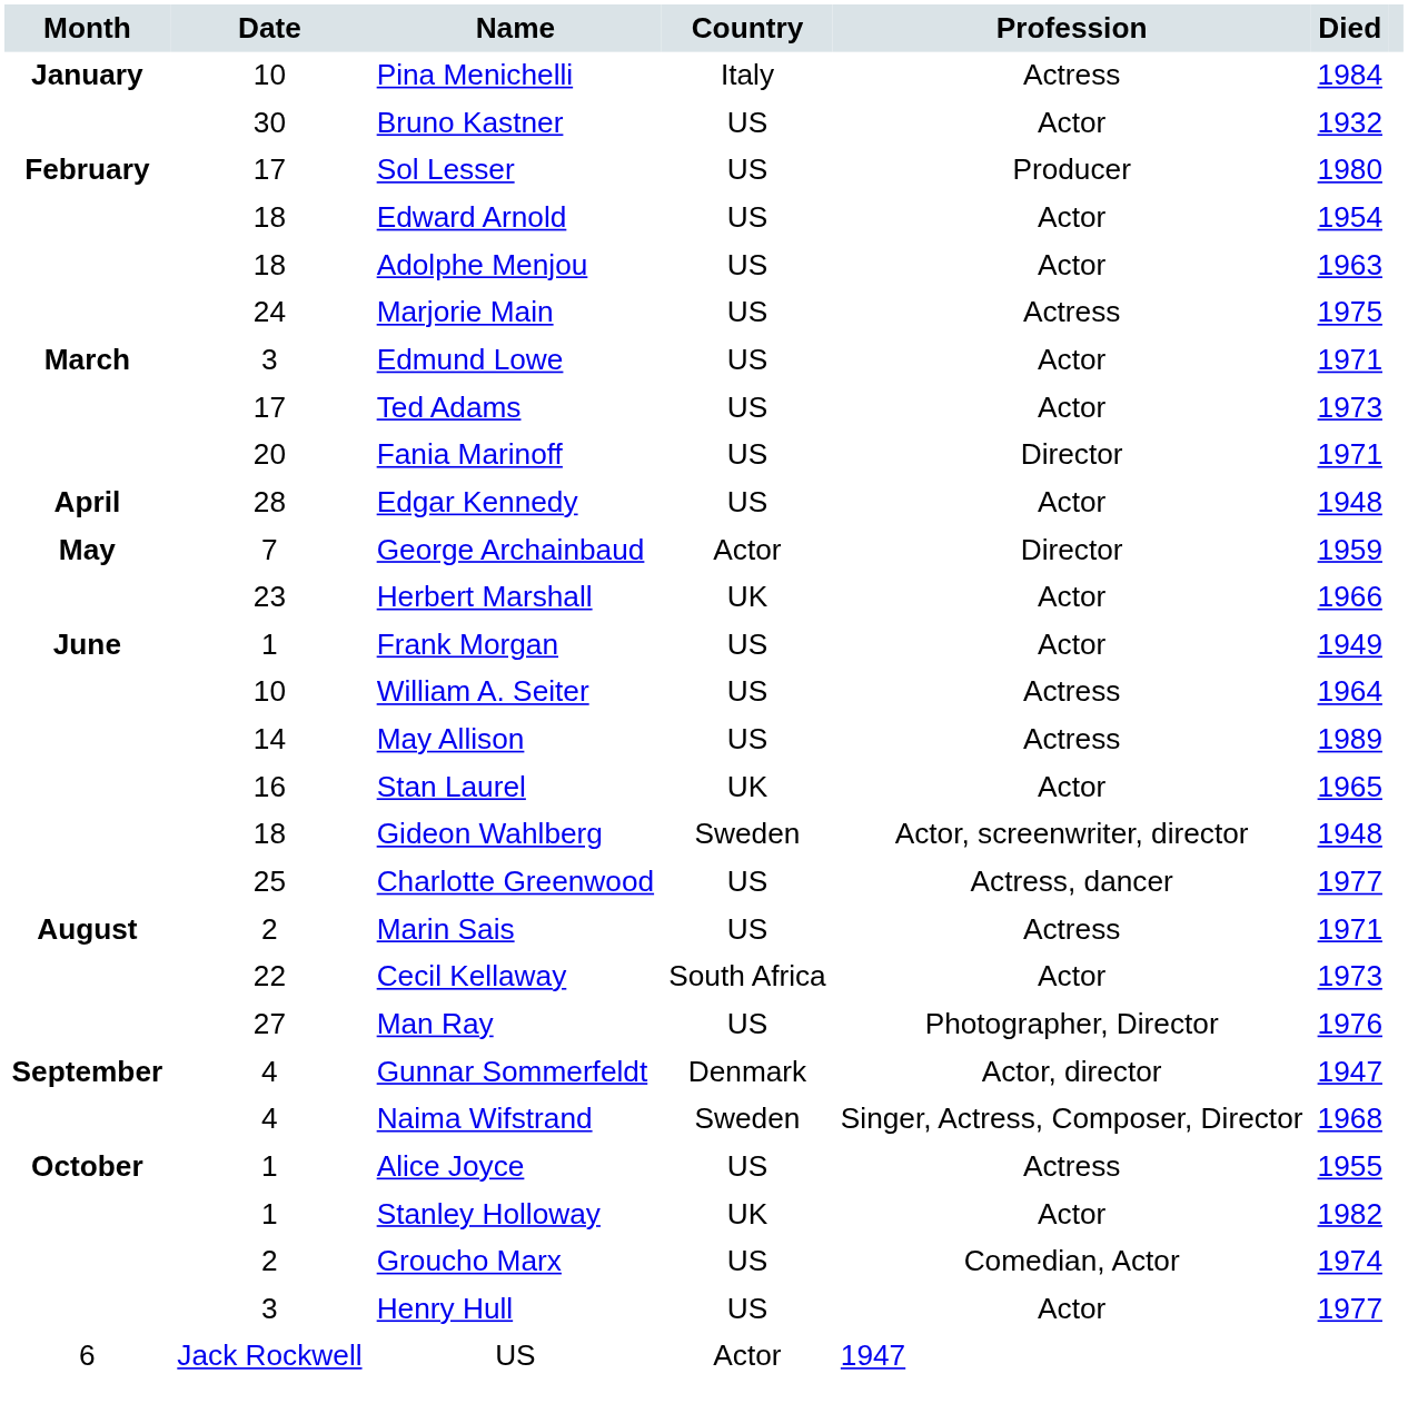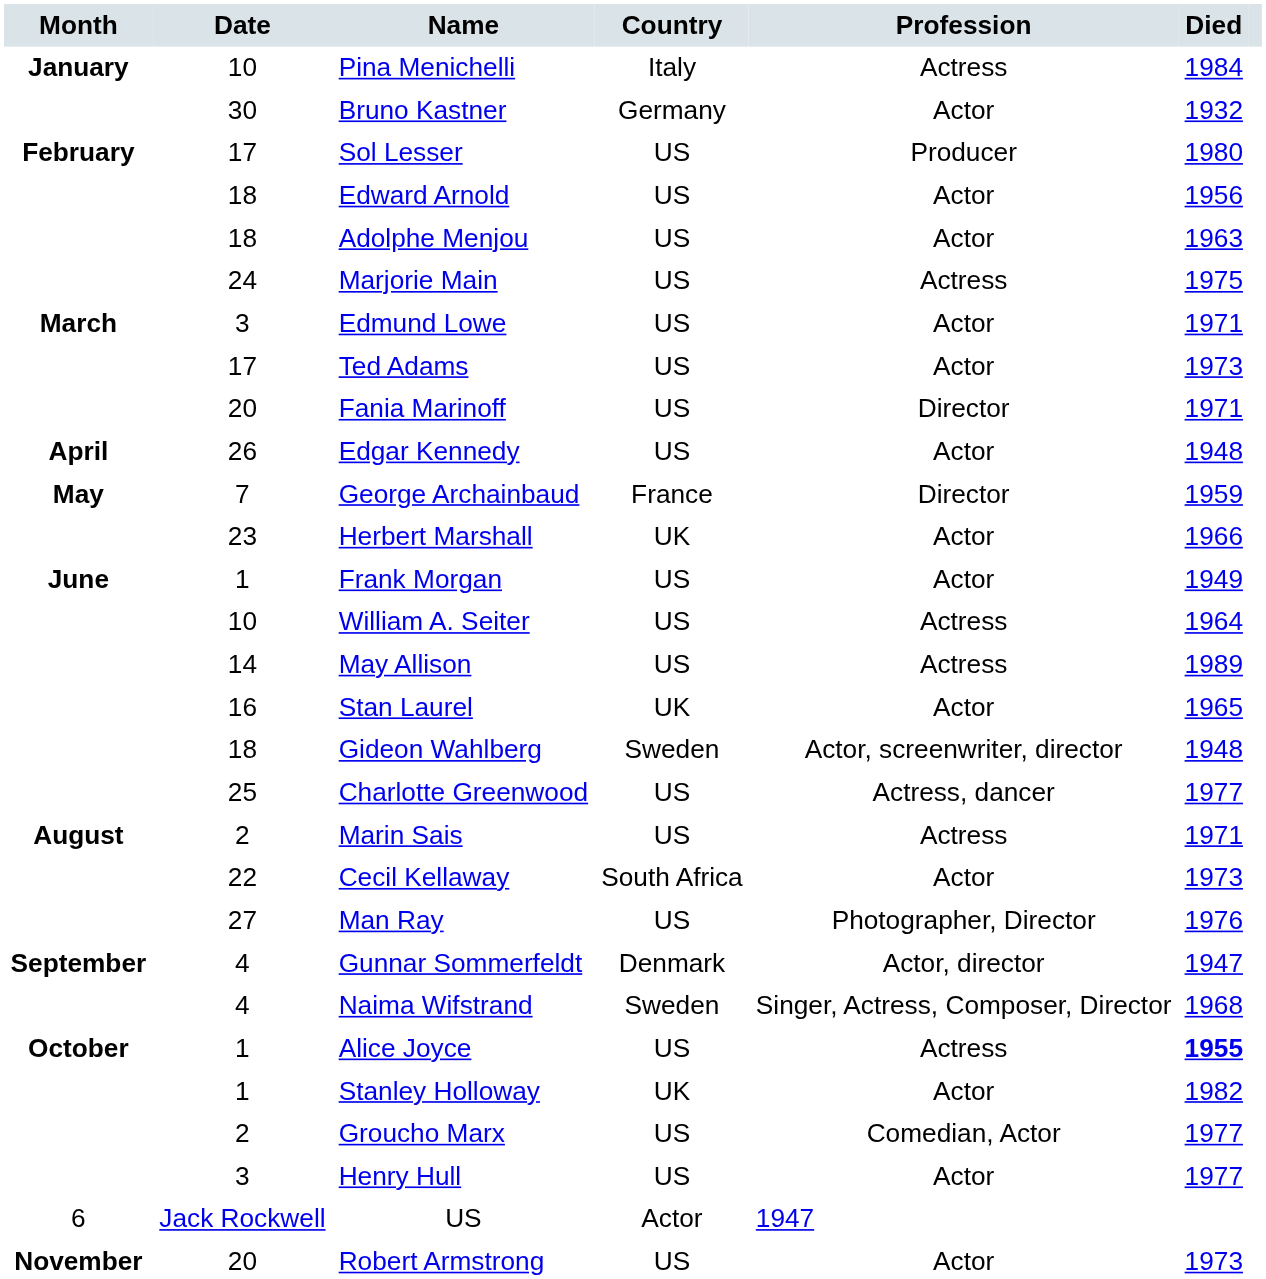 <table cellspacing="0" cellpadding="4" border="0">
 <tr style="background:#dae3e7; text-align:center;">
 <td><strong>Month</strong></td>
 <td><strong>Date</strong></td>
 <td><strong>Name</strong></td>
 <td><strong>Country</strong></td>
 <td><strong>Profession</strong></td>
 <td><strong>Died</strong></td>
 <td></td>
 </tr>
 <tr valign="top">
 <td rowspan=2 style="text-align:center; vertical-align:top;"><strong>January</strong></td>
 <td style="text-align:center;">10</td>
 <td><a href='#'>Pina Menichelli</a></td>
 <td style="text-align:center;">Italy</td>
 <td style="text-align:center;">Actress</td>
 <td><a href='#'>1984</a></td>
 <td></td>
 </tr>
 <tr>
 <td style="text-align:center;">30</td>
 <td><a href='#'>Bruno Kastner</a></td>
-<td style="text-align:center;">US</td>
+<td style="text-align:center;">Germany</td>
 <td style="text-align:center;">Actor</td>
 <td><a href='#'>1932</a></td>
 <td></td>
 </tr>
 <tr>
 <td rowspan=4 style="text-align:center; vertical-align:top;"><strong>February</strong></td>
 <td style="text-align:center;">17</td>
 <td><a href='#'>Sol Lesser</a></td>
 <td style="text-align:center;">US</td>
 <td style="text-align:center;">Producer</td>
 <td><a href='#'>1980</a></td>
 <td></td>
 </tr>
 <tr>
 <td style="text-align:center;">18</td>
 <td><a href='#'>Edward Arnold</a></td>
 <td style="text-align:center;">US</td>
 <td style="text-align:center;">Actor</td>
-<td><a href='#'>1954</a></td>
+<td><a href='#'>1956</a></td>
 <td></td>
 </tr>
 <tr>
 <td style="text-align:center;">18</td>
 <td><a href='#'>Adolphe Menjou</a></td>
 <td style="text-align:center;">US</td>
 <td style="text-align:center;">Actor</td>
 <td><a href='#'>1963</a></td>
 <td></td>
 </tr>
 <tr>
 <td style="text-align:center;">24</td>
 <td><a href='#'>Marjorie Main</a></td>
 <td style="text-align:center;">US</td>
 <td style="text-align:center;">Actress</td>
 <td><a href='#'>1975</a></td>
 <td></td>
 </tr>
 <tr>
 <td rowspan=3 style="text-align:center; vertical-align:top;"><strong>March</strong></td>
 <td style="text-align:center;">3</td>
 <td><a href='#'>Edmund Lowe</a></td>
 <td style="text-align:center;">US</td>
 <td style="text-align:center;">Actor</td>
 <td><a href='#'>1971</a></td>
 <td></td>
 </tr>
 <tr>
 <td style="text-align:center;">17</td>
 <td><a href='#'>Ted Adams</a></td>
 <td style="text-align:center;">US</td>
 <td style="text-align:center;">Actor</td>
 <td><a href='#'>1973</a></td>
 <td></td>
 </tr>
 <tr>
 <td style="text-align:center;">20</td>
 <td><a href='#'>Fania Marinoff</a></td>
 <td style="text-align:center;">US</td>
 <td style="text-align:center;">Director</td>
 <td><a href='#'>1971</a></td>
 </tr>
 <tr>
 <td rowspan=1 style="text-align:center; vertical-align:top;"><strong>April</strong></td>
-<td style="text-align:center;">28</td>
+<td style="text-align:center;">26</td>
 <td><a href='#'>Edgar Kennedy</a></td>
 <td style="text-align:center;">US</td>
 <td style="text-align:center;">Actor</td>
 <td><a href='#'>1948</a></td>
 <td></td>
 </tr>
 <tr>
 <td rowspan=2 style="text-align:center; vertical-align:top;"><strong>May</strong></td>
 <td style="text-align:center;">7</td>
 <td><a href='#'>George Archainbaud</a></td>
-<td style="text-align:center;">Actor</td>
+<td style="text-align:center;">France</td>
 <td style="text-align:center;">Director</td>
 <td><a href='#'>1959</a></td>
 <td></td>
 </tr>
 <tr>
 <td style="text-align:center;">23</td>
 <td><a href='#'>Herbert Marshall</a></td>
 <td style="text-align:center;">UK</td>
 <td style="text-align:center;">Actor</td>
 <td><a href='#'>1966</a></td>
 <td></td>
 </tr>
 <tr>
 <td rowspan=6 style="text-align:center; vertical-align:top;"><strong>June</strong></td>
 <td style="text-align:center;">1</td>
 <td><a href='#'>Frank Morgan</a></td>
 <td style="text-align:center;">US</td>
 <td style="text-align:center;">Actor</td>
 <td><a href='#'>1949</a></td>
 <td></td>
 </tr>
 <tr>
 <td style="text-align:center;">10</td>
 <td><a href='#'>William A. Seiter</a></td>
 <td style="text-align:center;">US</td>
 <td style="text-align:center;">Actress</td>
 <td><a href='#'>1964</a></td>
 <td></td>
 </tr>
 <tr>
 <td style="text-align:center;">14</td>
 <td><a href='#'>May Allison</a></td>
 <td style="text-align:center;">US</td>
 <td style="text-align:center;">Actress</td>
 <td><a href='#'>1989</a></td>
 <td></td>
 </tr>
 <tr>
 <td style="text-align:center;">16</td>
 <td><a href='#'>Stan Laurel</a></td>
 <td style="text-align:center;">UK</td>
 <td style="text-align:center;">Actor</td>
 <td><a href='#'>1965</a></td>
 <td></td>
 </tr>
 <tr>
 <td style="text-align:center;">18</td>
 <td><a href='#'>Gideon Wahlberg</a></td>
 <td style="text-align:center;">Sweden</td>
 <td style="text-align:center;">Actor, screenwriter, director</td>
 <td><a href='#'>1948</a></td>
 <td></td>
 </tr>
 <tr>
 <td style="text-align:center;">25</td>
 <td><a href='#'>Charlotte Greenwood</a></td>
 <td style="text-align:center;">US</td>
 <td style="text-align:center;">Actress, dancer</td>
 <td><a href='#'>1977</a></td>
 <td></td>
 </tr>
 <tr>
 <td rowspan=3 style="text-align:center; vertical-align:top;"><strong>August</strong></td>
 <td style="text-align:center;">2</td>
 <td><a href='#'>Marin Sais</a></td>
 <td style="text-align:center;">US</td>
 <td style="text-align:center;">Actress</td>
 <td><a href='#'>1971</a></td>
 <td></td>
 </tr>
 <tr>
 <td style="text-align:center;">22</td>
 <td><a href='#'>Cecil Kellaway</a></td>
 <td style="text-align:center;">South Africa</td>
 <td style="text-align:center;">Actor</td>
 <td><a href='#'>1973</a></td>
 <td></td>
 </tr>
 <tr>
 <td style="text-align:center;">27</td>
 <td><a href='#'>Man Ray</a></td>
 <td style="text-align:center;">US</td>
 <td style="text-align:center;">Photographer, Director</td>
 <td><a href='#'>1976</a></td>
 <td></td>
 </tr>
 <tr>
 <td rowspan=2 style="text-align:center; vertical-align:top;"><strong>September</strong></td>
 <td style="text-align:center;">4</td>
 <td><a href='#'>Gunnar Sommerfeldt</a></td>
 <td style="text-align:center;">Denmark</td>
 <td style="text-align:center;">Actor, director</td>
 <td><a href='#'>1947</a></td>
 <td></td>
 </tr>
 <tr>
 <td style="text-align:center;">4</td>
 <td><a href='#'>Naima Wifstrand</a></td>
 <td style="text-align:center;">Sweden</td>
 <td style="text-align:center;">Singer, Actress, Composer, Director</td>
 <td><a href='#'>1968</a></td>
 <td></td>
 </tr>
 <tr>
 <td rowspan=5 style="text-align:center; vertical-align:top;"><strong>October</strong></td>
 <td style="text-align:center;">1</td>
 <td><a href='#'>Alice Joyce</a></td>
 <td style="text-align:center;">US</td>
 <td style="text-align:center;">Actress</td>
-<td><a href='#'>1955</a></td>
+<td><strong><a href='#'>1955</a></strong></td>
 <td></td>
 </tr>
 <tr>
 <td style="text-align:center;">1</td>
 <td><a href='#'>Stanley Holloway</a></td>
 <td style="text-align:center;">UK</td>
 <td style="text-align:center;">Actor</td>
 <td><a href='#'>1982</a></td>
 <td></td>
 </tr>
 <tr>
 <td style="text-align:center;">2</td>
 <td><a href='#'>Groucho Marx</a></td>
 <td style="text-align:center;">US</td>
 <td style="text-align:center;">Comedian, Actor</td>
-<td><a href='#'>1974</a></td>
+<td><a href='#'>1977</a></td>
 <td></td>
 </tr>
 <tr>
 <td style="text-align:center;">3</td>
 <td><a href='#'>Henry Hull</a></td>
 <td style="text-align:center;">US</td>
 <td style="text-align:center;">Actor</td>
 <td><a href='#'>1977</a></td>
 <td></td>
 </tr>
 <tr>
 </tr>
 <tr>
 <td style="text-align:center;">6</td>
 <td><a href='#'>Jack Rockwell</a></td>
 <td style="text-align:center;">US</td>
 <td style="text-align:center;">Actor</td>
 <td><a href='#'>1947</a></td>
 <td></td>
 </tr>
 <tr>
+<td rowspan=1 style="text-align:center; vertical-align:top;"><strong>November</strong></td>
+<td style="text-align:center;">20</td>
+<td><a href='#'>Robert Armstrong</a></td>
+<td style="text-align:center;">US</td>
+<td style="text-align:center;">Actor</td>
+<td><a href='#'>1973</a></td>
+<td></td>
+</tr>
+<tr>
 </tr>
 </table>
